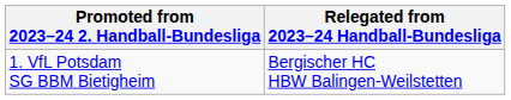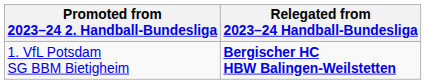 <table class="wikitable">
 <tr>
 <th>Promoted from<br><a href='#'>2023–24 2. Handball-Bundesliga</a></th>
 <th>Relegated from<br><a href='#'>2023–24 Handball-Bundesliga</a></th>
 </tr>
 <tr>
 <td><a href='#'>1. VfL Potsdam</a><br><a href='#'>SG BBM Bietigheim</a></td>
-<td><a href='#'>Bergischer HC</a><br><a href='#'>HBW Balingen-Weilstetten</a></td>
+<td><strong><a href='#'>Bergischer HC</a><br><a href='#'>HBW Balingen-Weilstetten</a></strong></td>
 </tr>
 </table>
